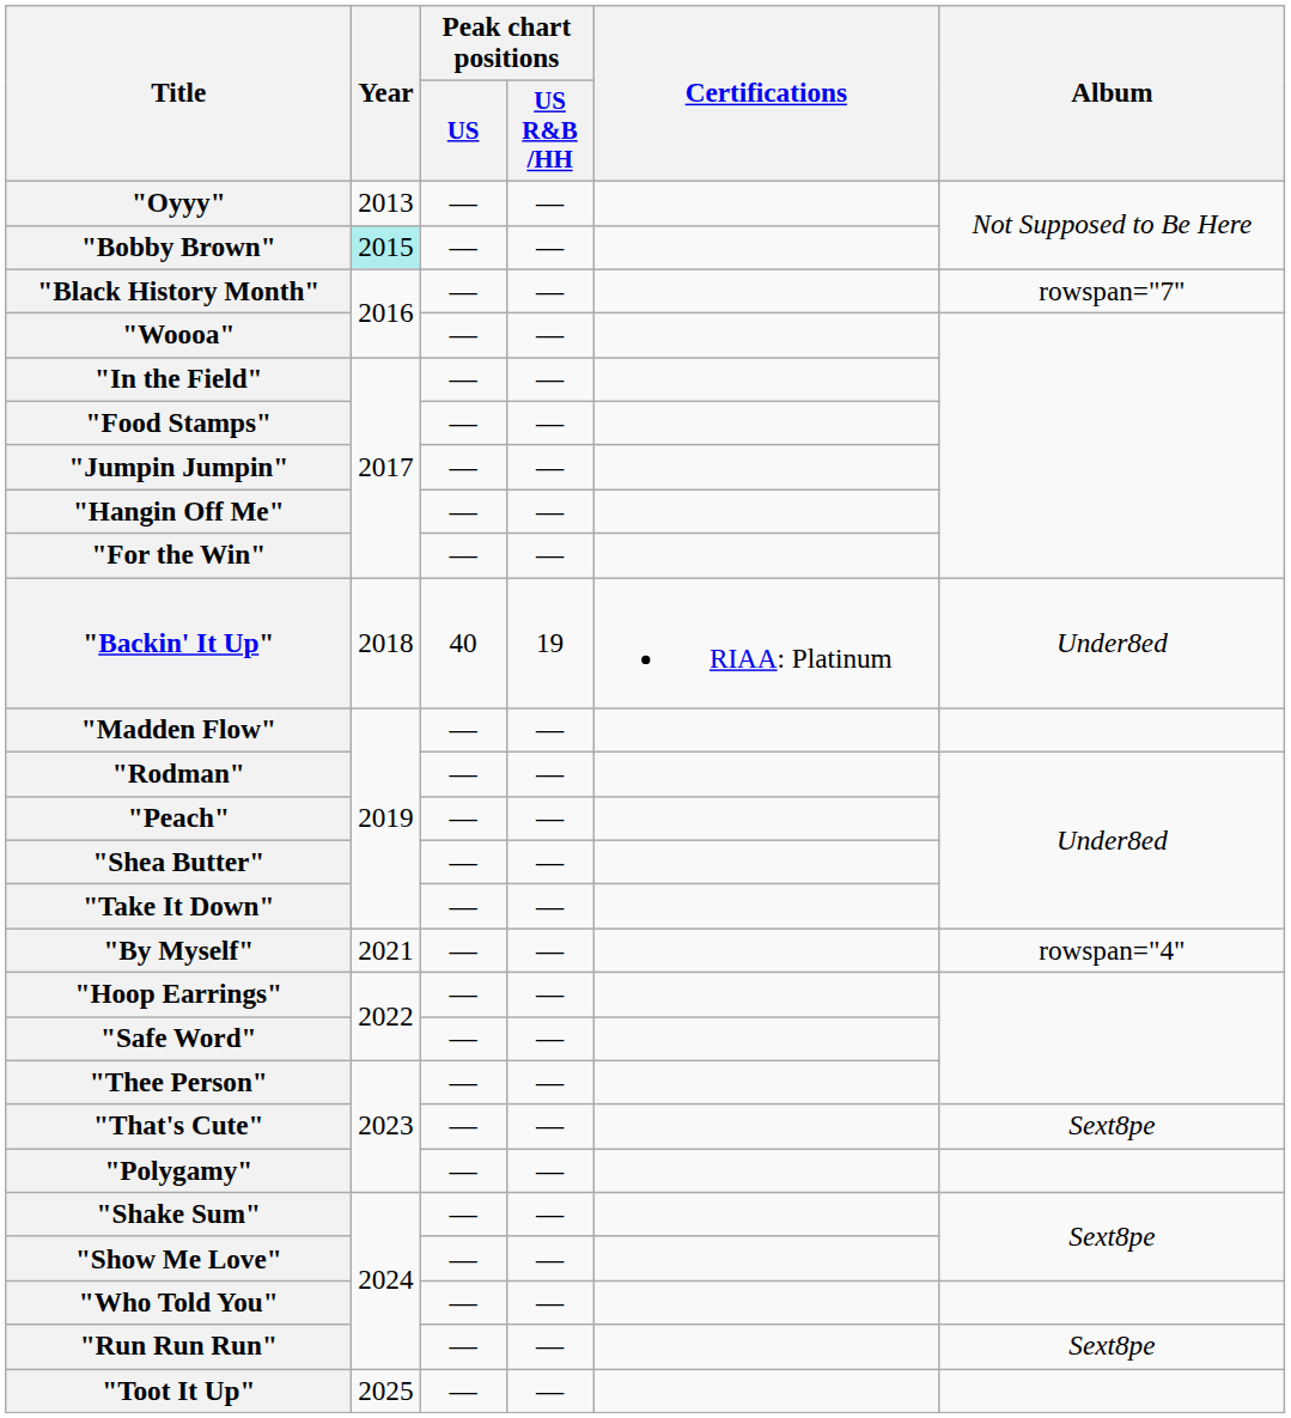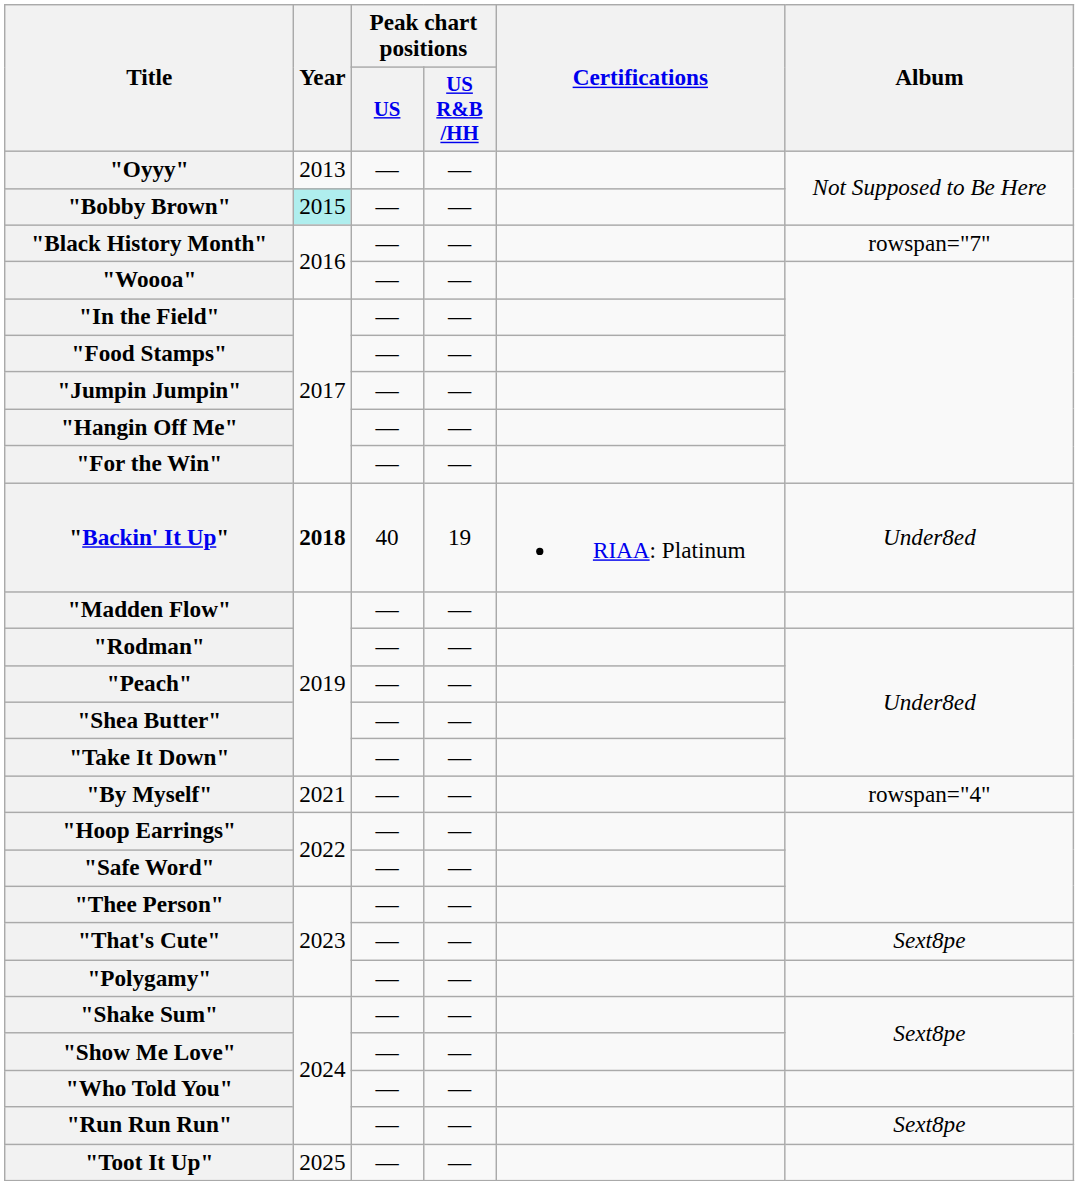 <table class="wikitable plainrowheaders" style="text-align:center;">
 <tr>
 <th scope="col" rowspan="2" style="width:12em;">Title</th>
 <th scope="col" rowspan="2" style="width:1em;">Year</th>
 <th scope="col" colspan="2">Peak chart positions</th>
 <th rowspan="2" scope="col" style="width:12em;"><a href='#'>Certifications</a></th>
 <th scope="col" rowspan="2" style="width:12em;">Album</th>
 </tr>
 <tr>
 <th scope="col" style="width:3em;font-size:90%;"><a href='#'>US</a><br></th>
 <th scope="col" style="width:3em;font-size:90%;"><a href='#'>US<br>R&B<br>/HH</a><br></th>
 </tr>
 <tr>
 <th scope="row">"Oyyy"</th>
 <td>2013</td>
 <td>—</td>
 <td>—</td>
 <td></td>
 <td rowspan="2"><em>Not Supposed to Be Here</em></td>
 </tr>
 <tr>
 <th scope="row">"Bobby Brown"</th>
 <td style="background: paleturquoise;">2015</td>
 <td>—</td>
 <td>—</td>
 <td></td>
 </tr>
 <tr>
 <th scope="row">"Black History Month"</th>
 <td rowspan="2">2016</td>
 <td>—</td>
 <td>—</td>
 <td></td>
 <td>rowspan="7" </td>
 </tr>
 <tr>
 <th scope="row">"Woooa"</th>
 <td>—</td>
 <td>—</td>
 <td></td>
 </tr>
 <tr>
 <th scope="row">"In the Field"</th>
 <td rowspan="5">2017</td>
 <td>—</td>
 <td>—</td>
 <td></td>
 </tr>
 <tr>
 <th scope="row">"Food Stamps"</th>
 <td>—</td>
 <td>—</td>
 <td></td>
 </tr>
 <tr>
 <th scope="row">"Jumpin Jumpin"</th>
 <td>—</td>
 <td>—</td>
 <td></td>
 </tr>
 <tr>
 <th scope="row">"Hangin Off Me"</th>
 <td>—</td>
 <td>—</td>
 <td></td>
 </tr>
 <tr>
 <th scope="row">"For the Win"</th>
 <td>—</td>
 <td>—</td>
 <td></td>
 </tr>
 <tr>
 <th scope="row">"<a href='#'>Backin' It Up</a>"<br></th>
-<td>2018</td>
+<td><strong>2018</strong></td>
 <td>40</td>
 <td>19</td>
 <td><br><ul><li><a href='#'>RIAA</a>: Platinum</li></ul></td>
 <td><em>Under8ed</em></td>
 </tr>
 <tr>
 <th scope="row">"Madden Flow"</th>
 <td rowspan="5">2019</td>
 <td>—</td>
 <td>—</td>
 <td></td>
 <td></td>
 </tr>
 <tr>
 <th scope="row">"Rodman"</th>
 <td>—</td>
 <td>—</td>
 <td></td>
 <td rowspan="4"><em>Under8ed</em></td>
 </tr>
 <tr>
 <th scope="row">"Peach"<br></th>
 <td>—</td>
 <td>—</td>
 <td></td>
 </tr>
 <tr>
 <th scope="row">"Shea Butter"</th>
 <td>—</td>
 <td>—</td>
 <td></td>
 </tr>
 <tr>
 <th scope="row">"Take It Down"<br></th>
 <td>—</td>
 <td>—</td>
 <td></td>
 </tr>
 <tr>
 <th scope="row">"By Myself"</th>
 <td>2021</td>
 <td>—</td>
 <td>—</td>
 <td></td>
 <td>rowspan="4" </td>
 </tr>
 <tr>
 <th scope="row">"Hoop Earrings"</th>
 <td rowspan="2">2022</td>
 <td>—</td>
 <td>—</td>
 <td></td>
 </tr>
 <tr>
 <th scope="row">"Safe Word"<br></th>
 <td>—</td>
 <td>—</td>
 <td></td>
 </tr>
 <tr>
 <th scope="row">"Thee Person"</th>
 <td rowspan="3">2023</td>
 <td>—</td>
 <td>—</td>
 <td></td>
 </tr>
 <tr>
 <th scope="row">"That's Cute"</th>
 <td>—</td>
 <td>—</td>
 <td></td>
 <td><em>Sext8pe</em></td>
 </tr>
 <tr>
 <th scope="row">"Polygamy"</th>
 <td>—</td>
 <td>—</td>
 <td></td>
 <td></td>
 </tr>
 <tr>
 <th scope="row">"Shake Sum"</th>
 <td rowspan="4">2024</td>
 <td>—</td>
 <td>—</td>
 <td></td>
 <td rowspan="2"><em>Sext8pe</em></td>
 </tr>
 <tr>
 <th scope="row">"Show Me Love"</th>
 <td>—</td>
 <td>—</td>
 <td></td>
 </tr>
 <tr>
 <th scope="row">"Who Told You"</th>
 <td>—</td>
 <td>—</td>
 <td></td>
 <td></td>
 </tr>
 <tr>
 <th scope="row">"Run Run Run"</th>
 <td>—</td>
 <td>—</td>
 <td></td>
 <td><em>Sext8pe</em></td>
 </tr>
 <tr>
 <th scope="row">"Toot It Up"<br></th>
 <td>2025</td>
 <td>—</td>
 <td>—</td>
 <td></td>
 <td></td>
 </tr>
 <tr>
 </tr>
 </table>
